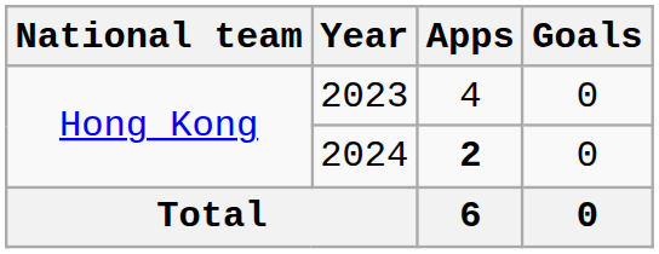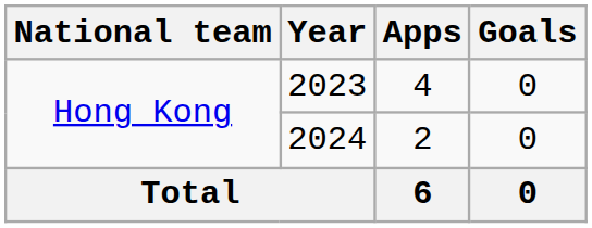 <table class="wikitable" style="text-align:center">
 <tr>
 <th>National team</th>
 <th>Year</th>
 <th>Apps</th>
 <th>Goals</th>
 </tr>
 <tr>
 <td rowspan="2"><a href='#'>Hong Kong</a></td>
 <td>2023</td>
 <td>4</td>
 <td>0</td>
 </tr>
 <tr>
 <td>2024</td>
-<td><strong>2</strong></td>
+<td>2</td>
 <td>0</td>
 </tr>
 <tr>
 <th colspan="2">Total</th>
 <th>6</th>
 <th>0</th>
 </tr>
 </table>
